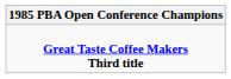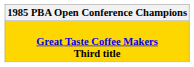 <table class=wikitable style="text-align:center; margin:auto">
 <tr>
 <th>1985 PBA Open Conference Champions</th>
 </tr>
 <tr>
-<td><br> <strong><a href='#'>Great Taste Coffee Makers</a></strong> <br> <strong>Third title</strong></td>
+<td style="background: gold;"><br> <strong><a href='#'>Great Taste Coffee Makers</a></strong> <br> <strong>Third title</strong></td>
 </tr>
 </table>
